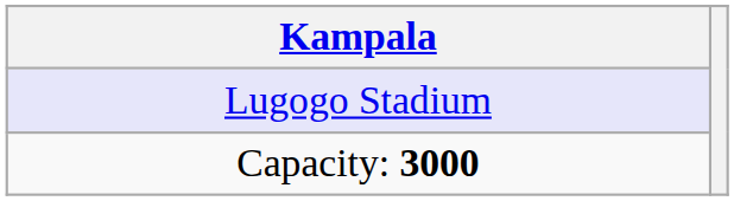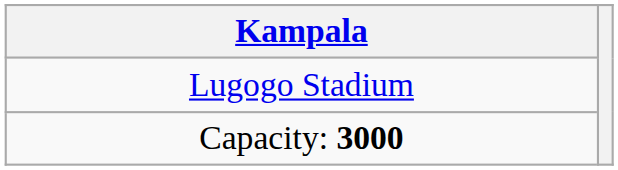 <table class="wikitable" style="margin:1em auto; text-align:center">
 <tr>
 <th width=275><a href='#'>Kampala</a></th>
 <th rowspan="12"><br></th>
 </tr>
 <tr>
-<td style="background: lavender;"><a href='#'>Lugogo Stadium</a></td>
+<td><a href='#'>Lugogo Stadium</a></td>
 </tr>
 <tr>
 <td>Capacity: <strong>3000</strong></td>
 </tr>
 </table>
